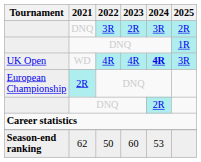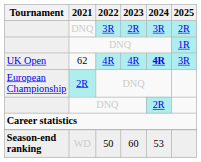 <table class="wikitable" style="width:20%; margin:0">
 <tr>
 <th>Tournament</th>
 <th>2021</th>
 <th>2022</th>
 <th>2023</th>
 <th>2024</th>
 <th>2025</th>
 </tr>
 <tr>
 <td style="background:#efefef;"></td>
 <td style="text-align:center; color:#ccc;">DNQ</td>
 <td style="text-align:center; background:#afeeee;"><a href='#'>3R</a></td>
 <td style="text-align:center; background:#afeeee;"><a href='#'>2R</a></td>
 <td style="text-align:center; background:#afeeee;"><a href='#'>3R</a></td>
 <td style="text-align:center; background:#afeeee;"><a href='#'>2R</a></td>
 </tr>
 <tr>
 <td style="background:#efefef;"></td>
 <td colspan="4" style="text-align:center; color:#ccc;">DNQ</td>
 <td style="text-align:center; background:#afeeee;"><a href='#'>1R</a></td>
 </tr>
 <tr>
 <td style="background:#efefef;"><a href='#'>UK Open</a></td>
-<td style="text-align:center; color:#ccc;">WD</td>
+<td style="text-align:center;">62</td>
 <td style="text-align:center; background:#afeeee;"><a href='#'>4R</a></td>
 <td style="text-align:center; background:#afeeee;"><a href='#'>4R</a></td>
 <td style="text-align:center; background:#afeeee;"><strong><a href='#'>4R</a></strong></td>
 <td style="text-align:center; background:#afeeee;"><a href='#'>3R</a></td>
 </tr>
 <tr>
 <td style="background:#efefef;"><a href='#'>European Championship</a></td>
 <td style="text-align:center; background:#afeeee;"><a href='#'>2R</a></td>
 <td colspan="3" style="text-align:center; color:#ccc;">DNQ</td>
 <td></td>
 </tr>
 <tr>
 <td style="background:#efefef;"></td>
 <td colspan="3" style="text-align:center; color:#ccc;">DNQ</td>
 <td style="text-align:center; background:#afeeee;"><a href='#'>2R</a></td>
 <td></td>
 </tr>
 <tr>
 <td colspan="17" align="left"><strong>Career statistics</strong></td>
 </tr>
 <tr>
 </tr>
 <tr bgcolor="efefef">
 <td align="left"><strong>Season-end ranking</strong></td>
-<td style="text-align:center;">62</td>
+<td style="text-align:center; color:#ccc;">WD</td>
 <td style="text-align:center;">50</td>
 <td style="text-align:center;">60</td>
 <td style="text-align:center;">53</td>
 <td style="text-align:center;"></td>
 </tr>
 </table>
